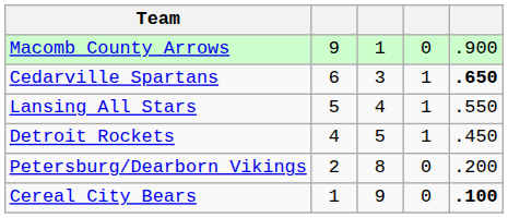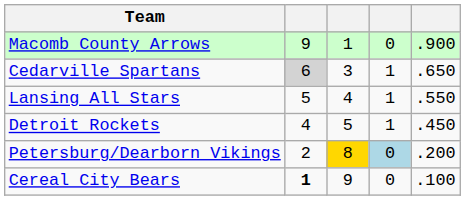 <table class="wikitable" style="font-size:95%; text-align:center">
 <tr>
 <th>Team</th>
 <th width="25"></th>
 <th width="25"></th>
 <th width="25"></th>
 <th width="30"></th>
 </tr>
 <tr style="background:#cfc;">
 <td style="text-align:left;"><a href='#'>Macomb County Arrows</a></td>
 <td>9</td>
 <td>1</td>
 <td>0</td>
 <td>.900</td>
 </tr>
 <tr>
 <td style="text-align:left;"><a href='#'>Cedarville Spartans</a></td>
-<td>6</td>
+<td style="background: lightgrey;">6</td>
 <td>3</td>
 <td>1</td>
-<td><strong>.650</strong></td>
+<td>.650</td>
 </tr>
 <tr>
 <td style="text-align:left;"><a href='#'>Lansing All Stars</a></td>
 <td>5</td>
 <td>4</td>
 <td>1</td>
 <td>.550</td>
 </tr>
 <tr>
 <td style="text-align:left;"><a href='#'>Detroit Rockets</a></td>
 <td>4</td>
 <td>5</td>
 <td>1</td>
 <td>.450</td>
 </tr>
 <tr>
 <td style="text-align:left;"><a href='#'>Petersburg/Dearborn Vikings</a></td>
 <td>2</td>
-<td>8</td>
-<td>0</td>
+<td style="background: gold;">8</td>
+<td style="background: lightblue;">0</td>
 <td>.200</td>
 </tr>
 <tr>
 <td style="text-align:left;"><a href='#'>Cereal City Bears</a></td>
-<td>1</td>
+<td><strong>1</strong></td>
 <td>9</td>
 <td>0</td>
-<td><strong>.100</strong></td>
+<td>.100</td>
 </tr>
 </table>
